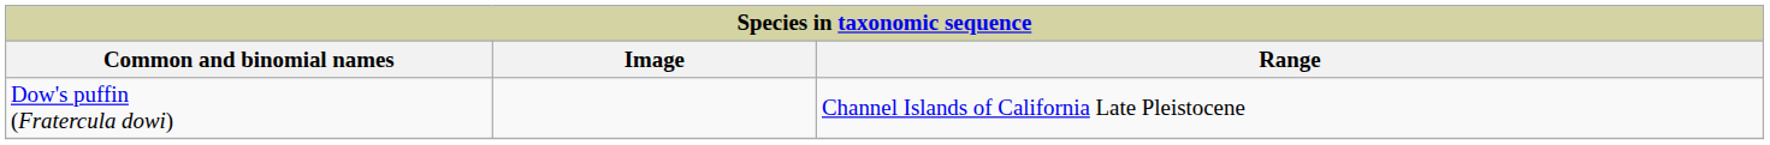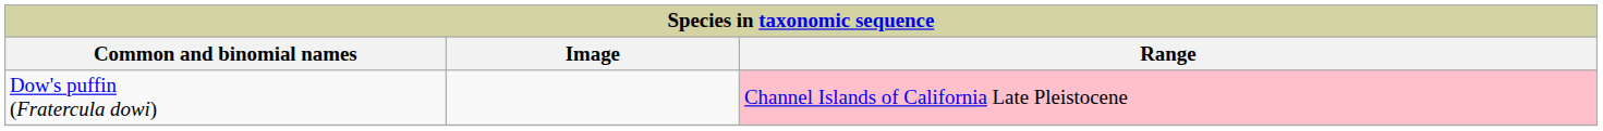 <table width = 98% class="wikitable">
 <tr>
 <th align="center" style="background-color: #D3D3A4" colspan ="4"><strong>Species in <a href='#'>taxonomic sequence</a></strong></th>
 </tr>
 <tr>
 <th width=18%>Common and binomial names</th>
 <th width=12%>Image</th>
 <th width=35%>Range</th>
 </tr>
 <tr>
 <td><a href='#'>Dow's puffin</a><br>(<em>Fratercula dowi</em>)</td>
 <td></td>
-<td><a href='#'>Channel Islands of California</a> Late Pleistocene</td>
+<td style="background: pink;"><a href='#'>Channel Islands of California</a> Late Pleistocene</td>
 </tr>
 <tr>
 </tr>
 </table>
